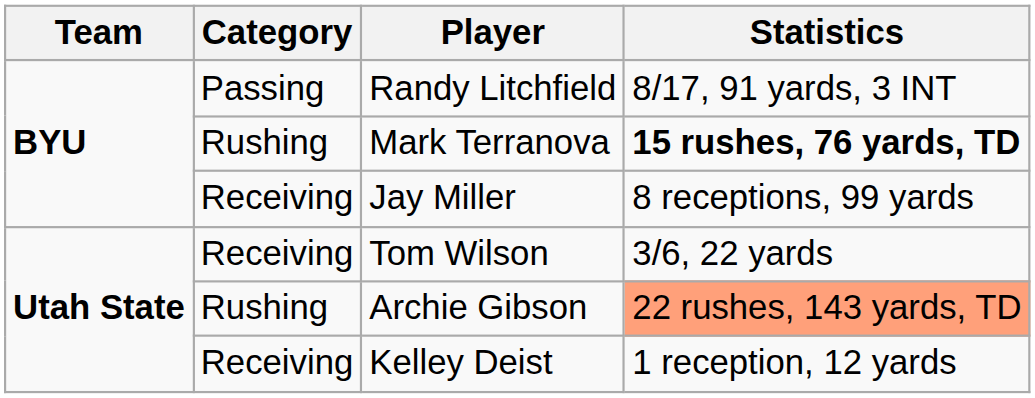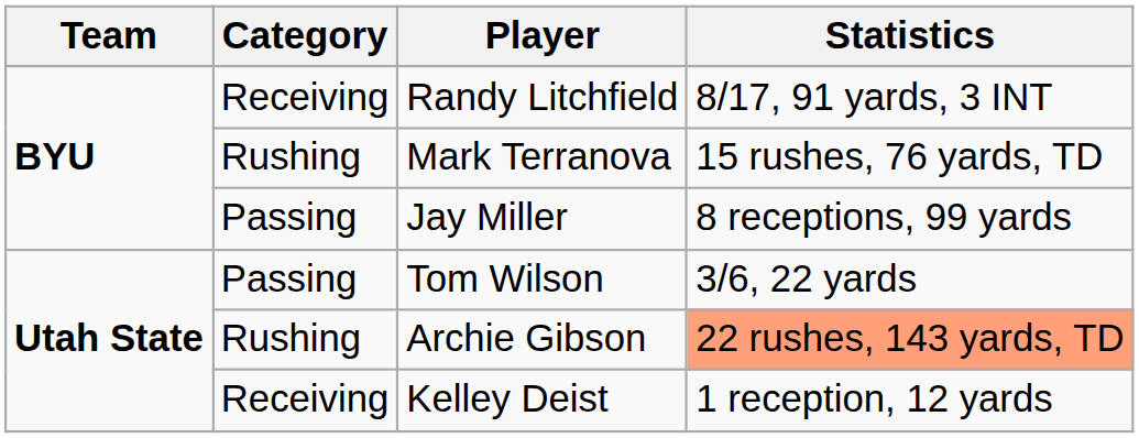 <table class="wikitable" style="float: left;">
 <tr>
 <th>Team</th>
 <th>Category</th>
 <th>Player</th>
 <th>Statistics</th>
 </tr>
 <tr>
 <td rowspan=3><strong>BYU</strong></td>
-<td>Passing</td>
+<td>Receiving</td>
 <td>Randy Litchfield</td>
 <td>8/17, 91 yards, 3 INT</td>
 </tr>
 <tr>
 <td>Rushing</td>
 <td>Mark Terranova</td>
-<td><strong>15 rushes, 76 yards, TD</strong></td>
+<td>15 rushes, 76 yards, TD</td>
 </tr>
 <tr>
-<td>Receiving</td>
+<td>Passing</td>
 <td>Jay Miller</td>
 <td>8 receptions, 99 yards</td>
 </tr>
 <tr>
 <td rowspan=3><strong>Utah State</strong></td>
-<td>Receiving</td>
+<td>Passing</td>
 <td>Tom Wilson</td>
 <td>3/6, 22 yards</td>
 </tr>
 <tr>
 <td>Rushing</td>
 <td>Archie Gibson</td>
 <td style="background: lightsalmon;">22 rushes, 143 yards, TD</td>
 </tr>
 <tr>
 <td>Receiving</td>
 <td>Kelley Deist</td>
 <td>1 reception, 12 yards</td>
 </tr>
 </table>
